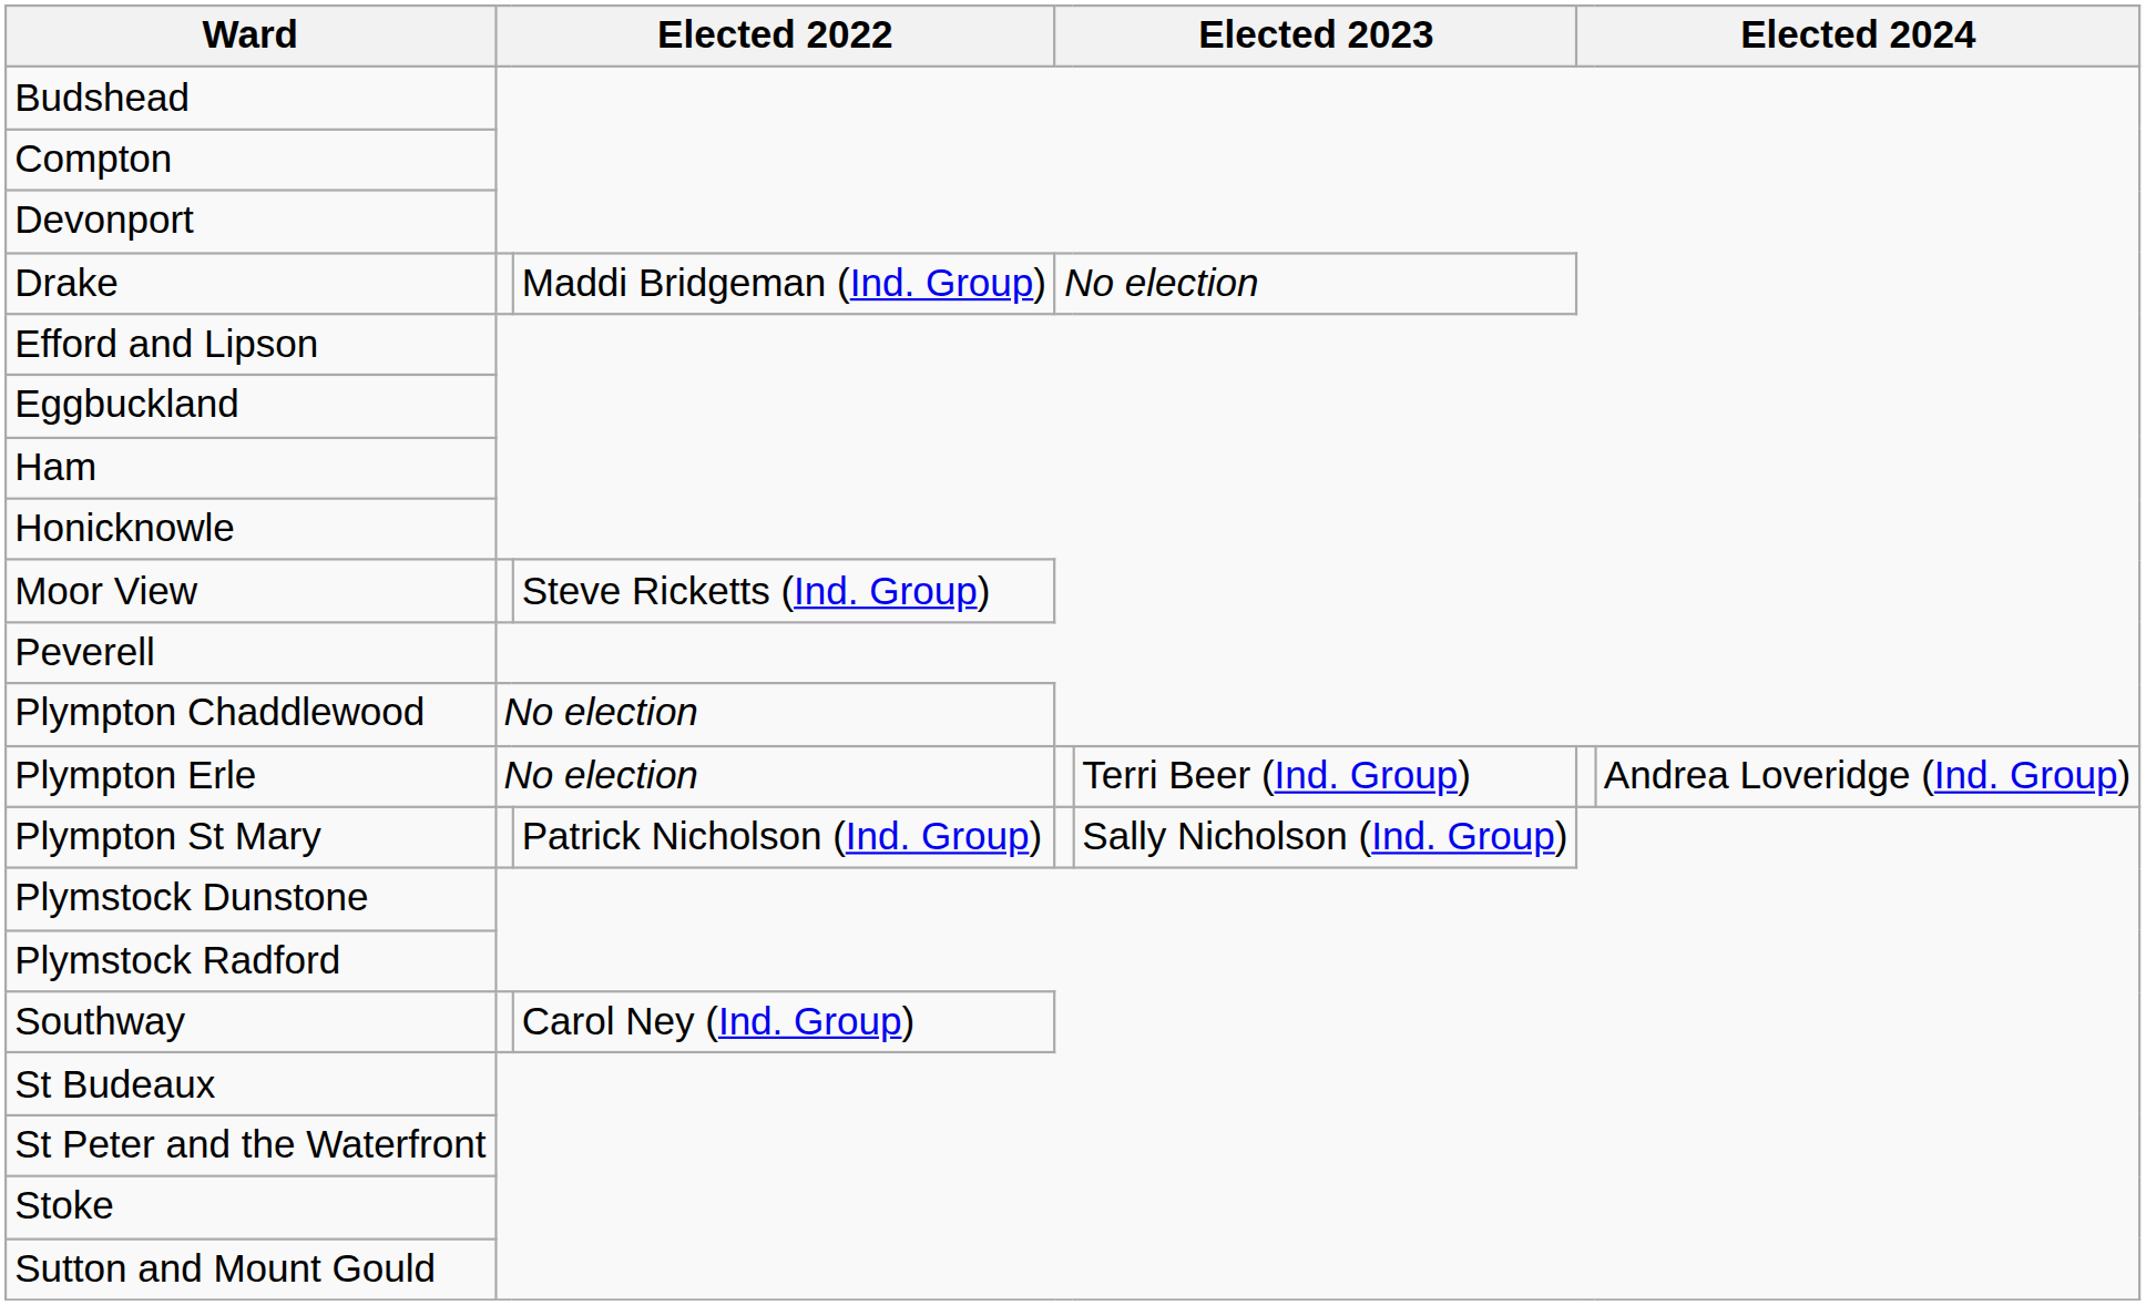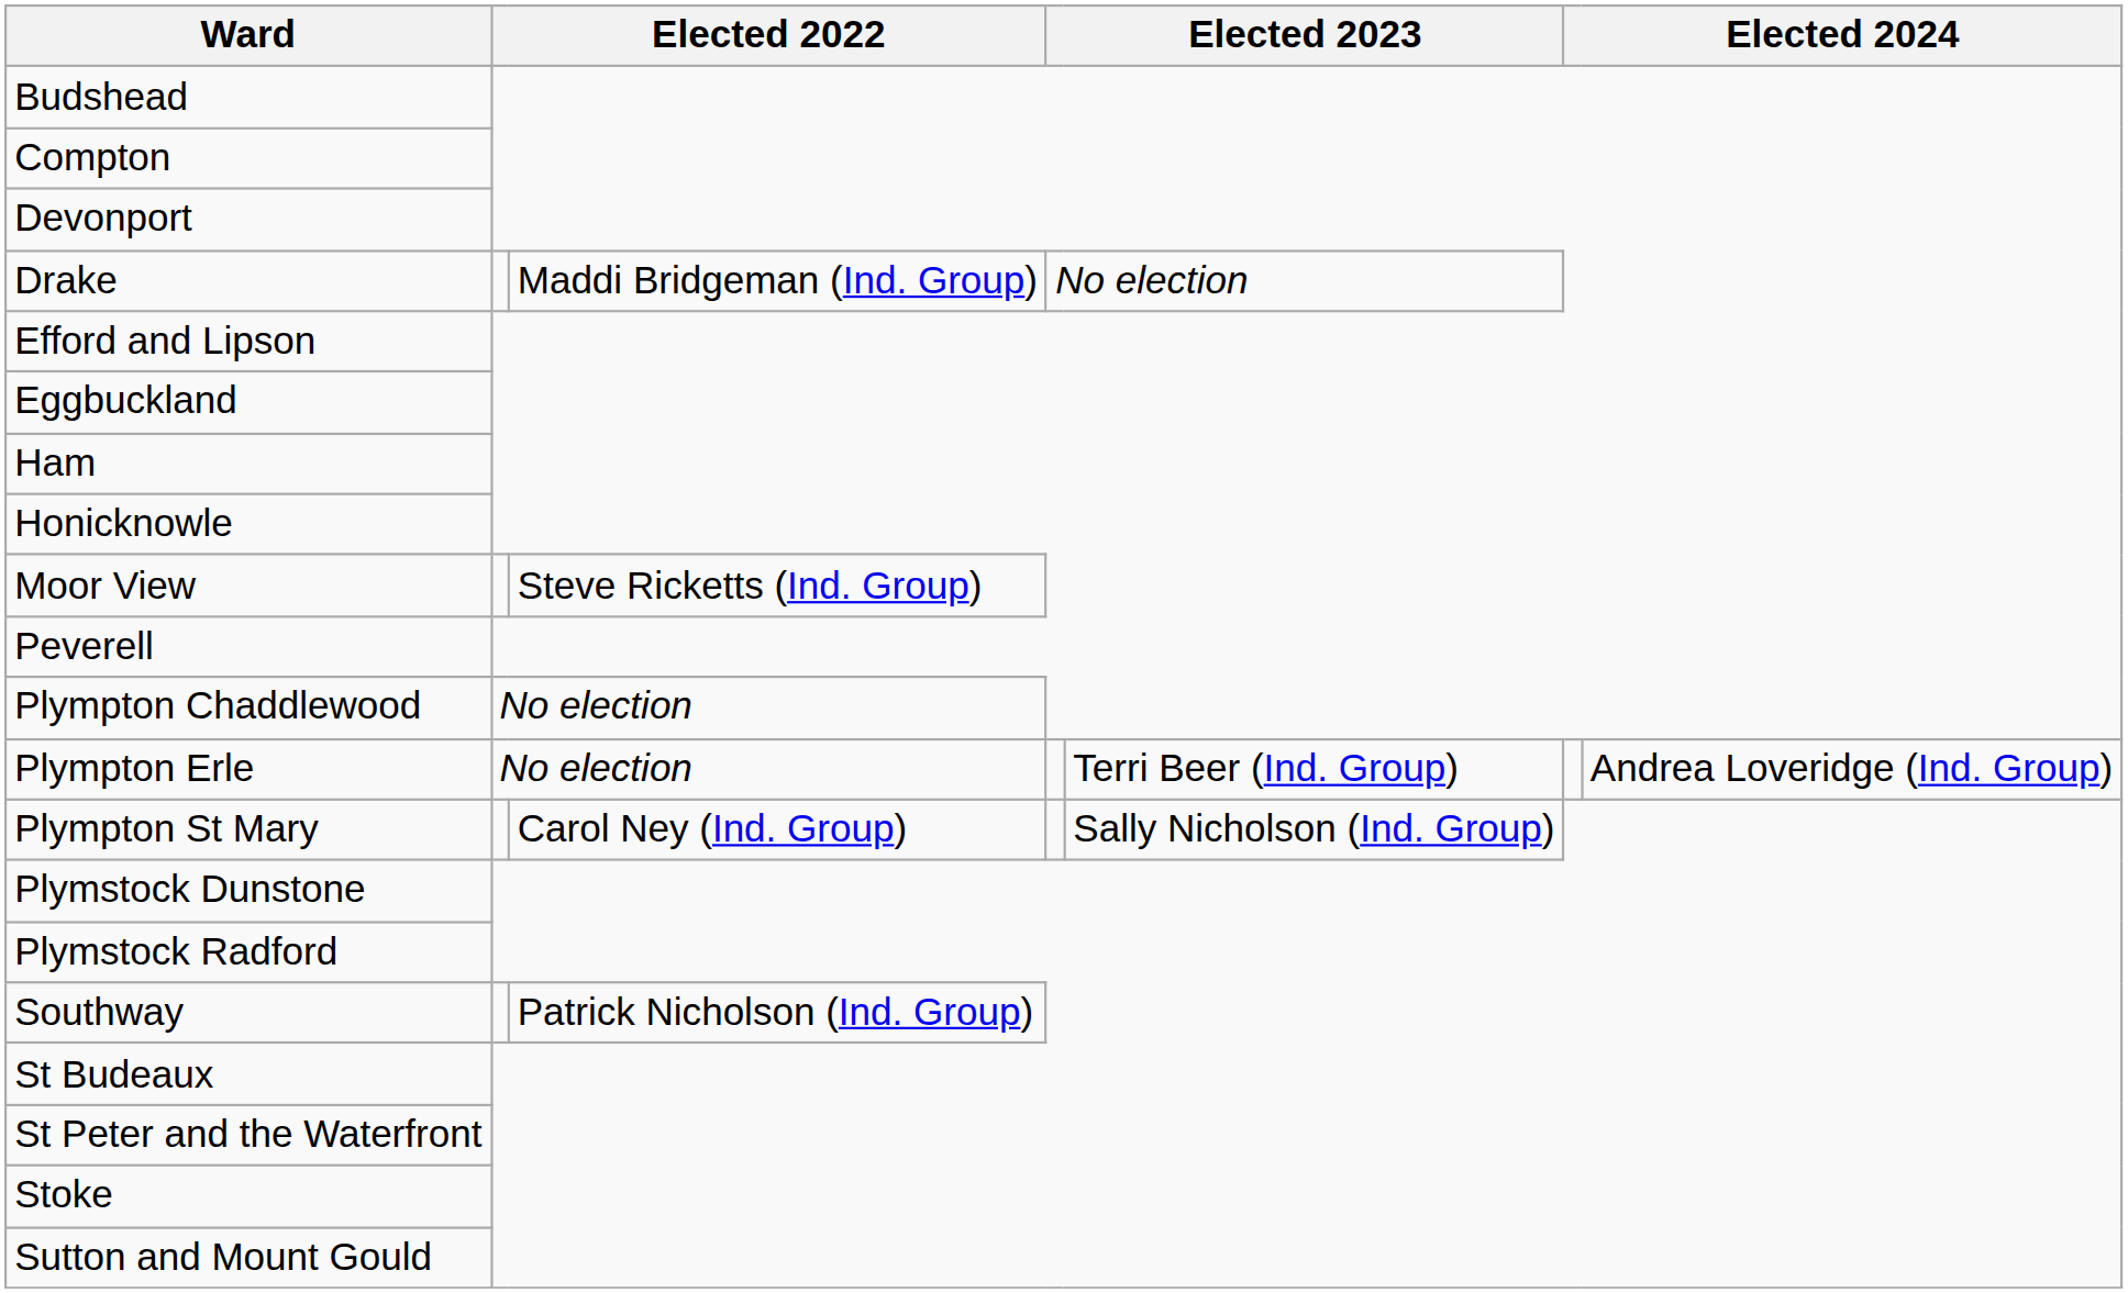 <table class = "wikitable">
 <tr>
 <th>Ward</th>
 <th colspan = "2">Elected 2022</th>
 <th colspan = "2">Elected 2023</th>
 <th colspan = "2">Elected 2024</th>
 </tr>
 <tr>
 <td>Budshead<br>  </td>
 </tr>
 <tr>
 <td>Compton<br>  </td>
 </tr>
 <tr>
 <td>Devonport<br>  </td>
 </tr>
 <tr>
 <td>Drake<br></td>
 <td style="background-color: F8F9FA; " data-sort-value="Independent Group"></td>
 <td style="background-color: 0A433A">Maddi Bridgeman (<a href='#'>Ind. Group</a>)<br> </td>
 <td colspan = "2"><em>No election</em></td>
 </tr>
 <tr>
 <td>Efford and Lipson<br>  </td>
 </tr>
 <tr>
 <td>Eggbuckland<br>  </td>
 </tr>
 <tr>
 <td>Ham<br>  </td>
 </tr>
 <tr>
 <td>Honicknowle<br>  </td>
 </tr>
 <tr>
 <td>Moor View</td>
 <td style="background-color: F8F9FA; " data-sort-value="Independent Group"></td>
 <td style="background-color: 0A433A">Steve Ricketts (<a href='#'>Ind. Group</a>)</td>
 </tr>
 <tr>
 <td>Peverell<br>  </td>
 </tr>
 <tr>
 <td>Plympton Chaddlewood<br></td>
 <td colspan = "2"><em>No election</em><br></td>
 </tr>
 <tr>
 <td>Plympton Erle</td>
 <td colspan = "2"><em>No election</em></td>
 <td style="background-color: F8F9FA; " data-sort-value="Independent Group"></td>
 <td style="background-color: 0A433A">Terri Beer (<a href='#'>Ind. Group</a>)</td>
 <td style="background-color: F8F9FA; " data-sort-value="Independent Group"></td>
 <td style="background-color: 0A433A">Andrea Loveridge (<a href='#'>Ind. Group</a>)</td>
 </tr>
 <tr>
 <td>Plympton St Mary<br></td>
 <td style="background-color: F8F9FA; " data-sort-value="Independent Group"></td>
-<td style="background-color: 0A433A">Patrick Nicholson (<a href='#'>Ind. Group</a>)</td>
+<td style="background-color: 0A433A">Carol Ney (<a href='#'>Ind. Group</a>)</td>
 <td style="background-color: F8F9FA; " data-sort-value="Independent Group"></td>
 <td style="background-color: 0A433A">Sally Nicholson (<a href='#'>Ind. Group</a>)</td>
 </tr>
 <tr>
 <td>Plymstock Dunstone<br>  </td>
 </tr>
 <tr>
 <td>Plymstock Radford<br>  </td>
 </tr>
 <tr>
 <td>Southway<br> </td>
 <td style="background-color: F8F9FA; " data-sort-value="Independent Group"></td>
-<td style="background-color: 0A433A">Carol Ney (<a href='#'>Ind. Group</a>)</td>
+<td style="background-color: 0A433A">Patrick Nicholson (<a href='#'>Ind. Group</a>)</td>
 </tr>
 <tr>
 <td>St Budeaux<br>  </td>
 </tr>
 <tr>
 <td>St Peter and the Waterfront<br>  </td>
 </tr>
 <tr>
 <td>Stoke<br>  </td>
 </tr>
 <tr>
 <td>Sutton and Mount Gould<br>  </td>
 </tr>
 </table>
